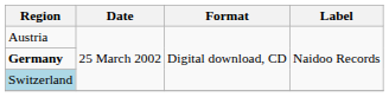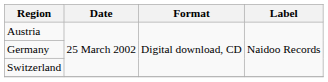 <table class="wikitable">
 <tr>
 <th scope="col">Region</th>
 <th scope="col">Date</th>
 <th scope="col">Format</th>
 <th scope="col">Label</th>
 </tr>
 <tr>
 <td>Austria</td>
 <td rowspan="3">25 March 2002</td>
 <td rowspan="3">Digital download, CD</td>
 <td rowspan="3">Naidoo Records</td>
 </tr>
 <tr>
-<td><strong>Germany</strong></td>
+<td>Germany</td>
 </tr>
 <tr>
-<td style="background: lightblue;">Switzerland</td>
+<td>Switzerland</td>
 </tr>
 <tr>
 </tr>
 </table>
